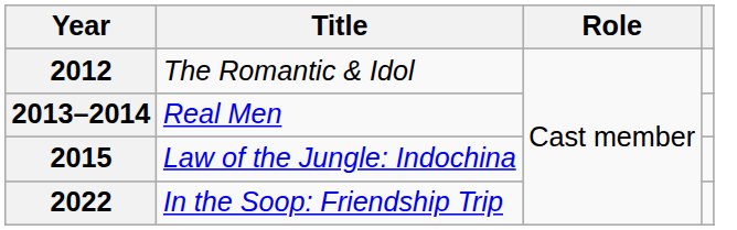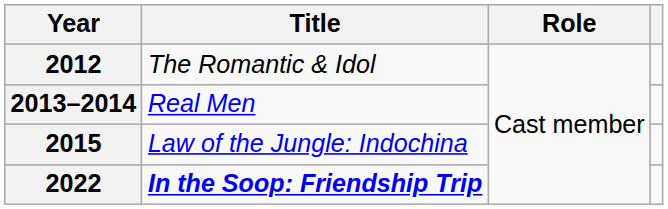 <table class="wikitable plainrowheaders sortable">
 <tr>
 <th scope="col">Year</th>
 <th scope="col">Title</th>
 <th scope="col">Role</th>
 <th scope="col" class="unsortable"></th>
 </tr>
 <tr>
 <th scope="row">2012</th>
 <td><em>The Romantic & Idol</em></td>
 <td rowspan="4">Cast member</td>
 <td style="text-align:center"></td>
 </tr>
 <tr>
 <th scope="row">2013–2014</th>
 <td><em><a href='#'>Real Men</a></em></td>
 <td style="text-align:center"></td>
 </tr>
 <tr>
 <th scope="row">2015</th>
 <td><em><a href='#'>Law of the Jungle: Indochina</a></em></td>
 <td style="text-align:center"></td>
 </tr>
 <tr>
 <th scope="row">2022</th>
-<td><em><a href='#'>In the Soop: Friendship Trip</a></em></td>
+<td><strong><em><a href='#'>In the Soop: Friendship Trip</a></em></strong></td>
 <td style="text-align:center"></td>
 </tr>
 </table>
